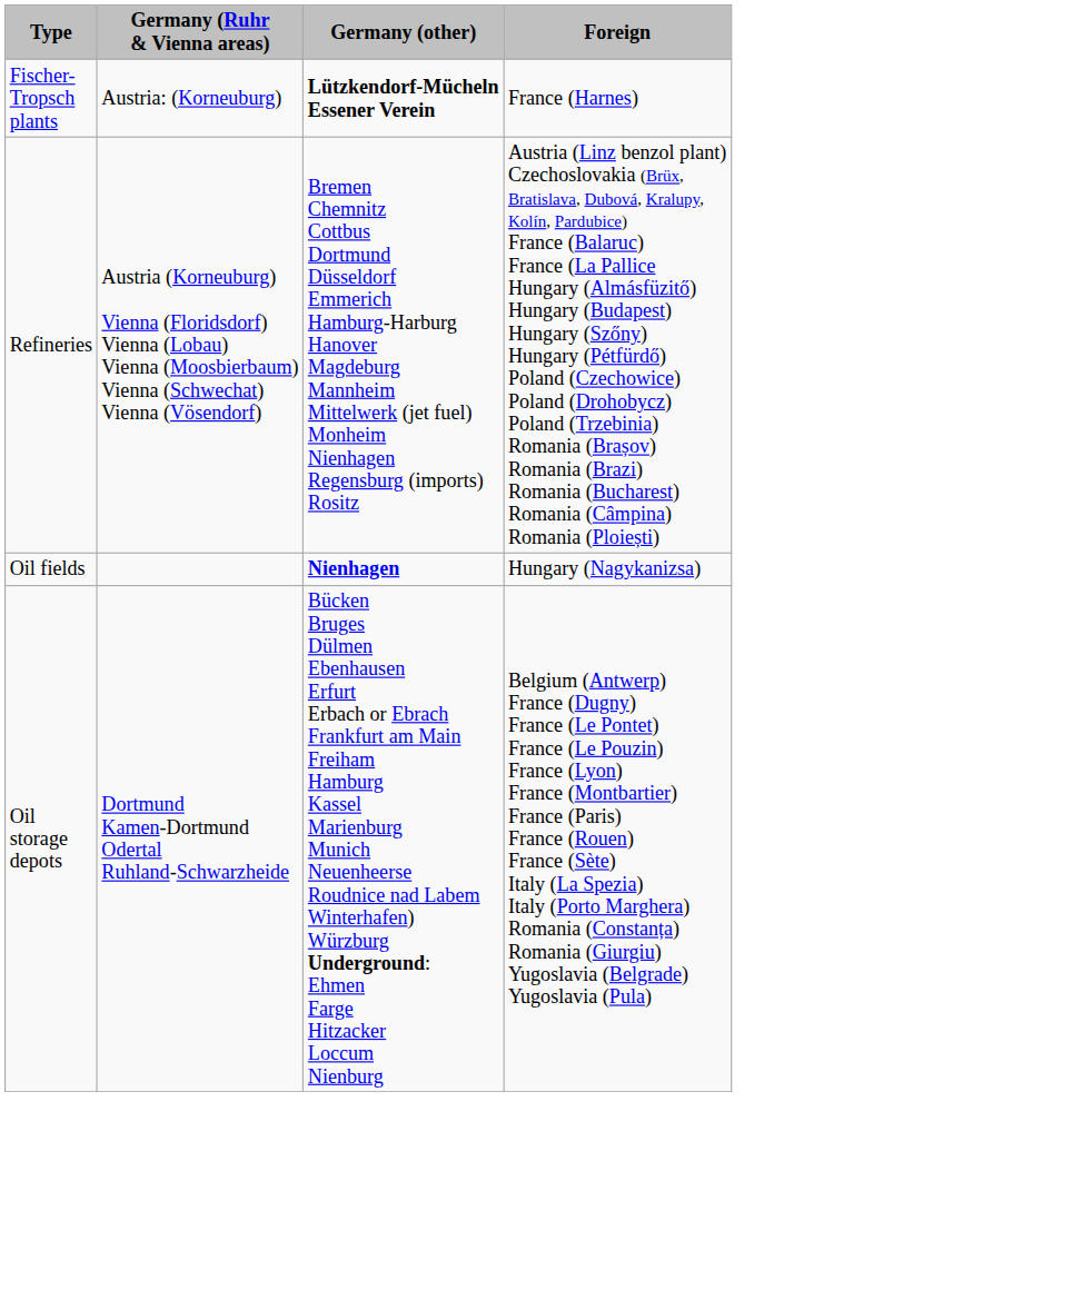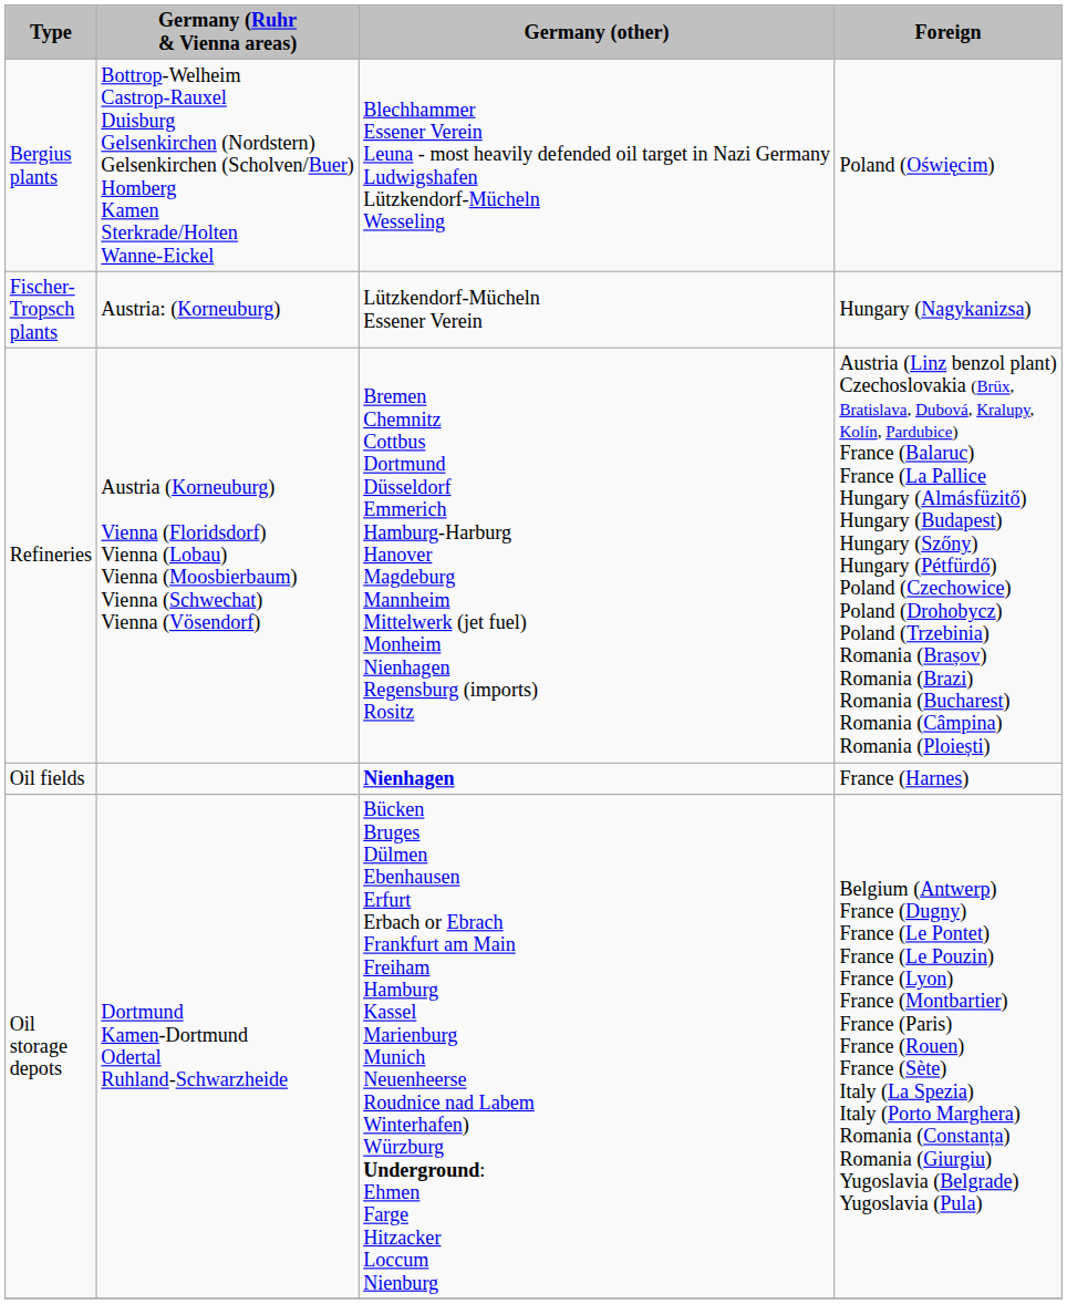 <table class="wikitable" style="text-align: left;">
 <tr>
 <th style="background:silver">Type</th>
 <th style="background:silver">Germany (<a href='#'>Ruhr</a><br>& Vienna areas)</th>
 <th style="background:silver">Germany (other)</th>
 <th style="background:silver">Foreign</th>
 </tr>
 <tr>
+<td><a href='#'>Bergius<br>plants</a></td>
+<td><a href='#'>Bottrop</a>-Welheim<br><a href='#'>Castrop-Rauxel</a> <br><a href='#'>Duisburg</a> <br><a href='#'>Gelsenkirchen</a> (Nordstern) <br>Gelsenkirchen (Scholven/<a href='#'>Buer</a>) <br><a href='#'>Homberg</a> <br><a href='#'>Kamen</a> <br><a href='#'>Sterkrade/Holten</a> <br><a href='#'>Wanne-Eickel</a></td>
+<td><a href='#'>Blechhammer</a><br><a href='#'>Essener Verein</a> <br><a href='#'>Leuna</a> - most heavily defended oil target in Nazi Germany <br><a href='#'>Ludwigshafen</a> <br>Lützkendorf-<a href='#'>Mücheln</a> <br><a href='#'>Wesseling</a></td>
+<td>Poland  (<a href='#'>Oświęcim</a>)</td>
+</tr>
+<tr>
 <td><a href='#'>Fischer-<br>Tropsch<br>plants</a></td>
 <td>Austria: (<a href='#'>Korneuburg</a>)</td>
-<td><strong>Lützkendorf-Mücheln<br>Essener Verein</strong></td>
-<td>France (<a href='#'>Harnes</a>)</td>
+<td>Lützkendorf-Mücheln<br>Essener Verein</td>
+<td>Hungary (<a href='#'>Nagykanizsa</a>)</td>
 </tr>
 <tr>
 <td>Refineries</td>
 <td>Austria (<a href='#'>Korneuburg</a>)<br><br><a href='#'>Vienna</a> (<a href='#'>Floridsdorf</a>) <br>Vienna (<a href='#'>Lobau</a>) <br>Vienna (<a href='#'>Moosbierbaum</a>) <br>Vienna (<a href='#'>Schwechat</a>) <br>Vienna (<a href='#'>Vösendorf</a>)</td>
 <td><a href='#'>Bremen</a><br><a href='#'>Chemnitz</a> <br><a href='#'>Cottbus</a> <br><a href='#'>Dortmund</a> <br><a href='#'>Düsseldorf</a> <br><a href='#'>Emmerich</a> <br><a href='#'>Hamburg</a>-Harburg <br><a href='#'>Hanover</a> <br><a href='#'>Magdeburg</a> <br><a href='#'>Mannheim</a> <br><a href='#'>Mittelwerk</a> (jet fuel) <br><a href='#'>Monheim</a> <br><a href='#'>Nienhagen</a> <br><a href='#'>Regensburg</a> (imports) <br><a href='#'>Rositz</a></td>
 <td>Austria (<a href='#'>Linz</a> benzol plant)<br>Czechoslovakia <small>(<a href='#'>Brüx</a>, <br><a href='#'>Bratislava</a>, <a href='#'>Dubová</a>, <a href='#'>Kralupy</a>, <br><a href='#'>Kolín</a>, <a href='#'>Pardubice</a>)</small> <br>France (<a href='#'>Balaruc</a>) <br>France (<a href='#'>La Pallice</a> <br>Hungary (<a href='#'>Almásfüzitő</a>) <br>Hungary (<a href='#'>Budapest</a>) <br>Hungary (<a href='#'>Szőny</a>) <br>Hungary (<a href='#'>Pétfürdő</a>)<br>Poland (<a href='#'>Czechowice</a>) <br>Poland (<a href='#'>Drohobycz</a>) <br>Poland (<a href='#'>Trzebinia</a>) <br>Romania (<a href='#'>Brașov</a>) <br>Romania (<a href='#'>Brazi</a>) <br>Romania (<a href='#'>Bucharest</a>) <br>Romania (<a href='#'>Câmpina</a>) <br>Romania (<a href='#'>Ploiești</a>)</td>
 </tr>
 <tr>
 <td>Oil fields</td>
 <td></td>
 <td><strong><a href='#'>Nienhagen</a></strong></td>
-<td>Hungary (<a href='#'>Nagykanizsa</a>)</td>
+<td>France (<a href='#'>Harnes</a>)</td>
 </tr>
 <tr>
 <td>Oil<br>storage<br>depots</td>
 <td><a href='#'>Dortmund</a><br><a href='#'>Kamen</a>-Dortmund <br><a href='#'>Odertal</a> <br><a href='#'>Ruhland</a>-<a href='#'>Schwarzheide</a></td>
 <td><a href='#'>Bücken</a><br><a href='#'>Bruges</a> <br><a href='#'>Dülmen</a> <br><a href='#'>Ebenhausen</a> <br><a href='#'>Erfurt</a> <br>Erbach or <a href='#'>Ebrach</a> <br><a href='#'>Frankfurt am Main</a> <br><a href='#'>Freiham</a> <br><a href='#'>Hamburg</a> <br><a href='#'>Kassel</a> <br><a href='#'>Marienburg</a> <br><a href='#'>Munich</a> <br><a href='#'>Neuenheerse</a> <br><a href='#'>Roudnice nad Labem</a> <br><a href='#'>Winterhafen</a>) <br><a href='#'>Würzburg</a> <br><strong>Underground</strong>: <br><a href='#'>Ehmen</a> <br><a href='#'>Farge</a> <br><a href='#'>Hitzacker</a> <br><a href='#'>Loccum</a> <br><a href='#'>Nienburg</a></td>
 <td>Belgium (<a href='#'>Antwerp</a>)<br>France (<a href='#'>Dugny</a>) <br>France (<a href='#'>Le Pontet</a>) <br>France (<a href='#'>Le Pouzin</a>) <br>France (<a href='#'>Lyon</a>) <br>France (<a href='#'>Montbartier</a>) <br>France (Paris) <br>France (<a href='#'>Rouen</a>) <br>France (<a href='#'>Sète</a>) <br>Italy (<a href='#'>La Spezia</a>) <br>Italy (<a href='#'>Porto Marghera</a>) <br>Romania (<a href='#'>Constanța</a>) <br>Romania (<a href='#'>Giurgiu</a>) <br>Yugoslavia (<a href='#'>Belgrade</a>) <br>Yugoslavia (<a href='#'>Pula</a>)</td>
 </tr>
 <tr>
 </tr>
 </table>
